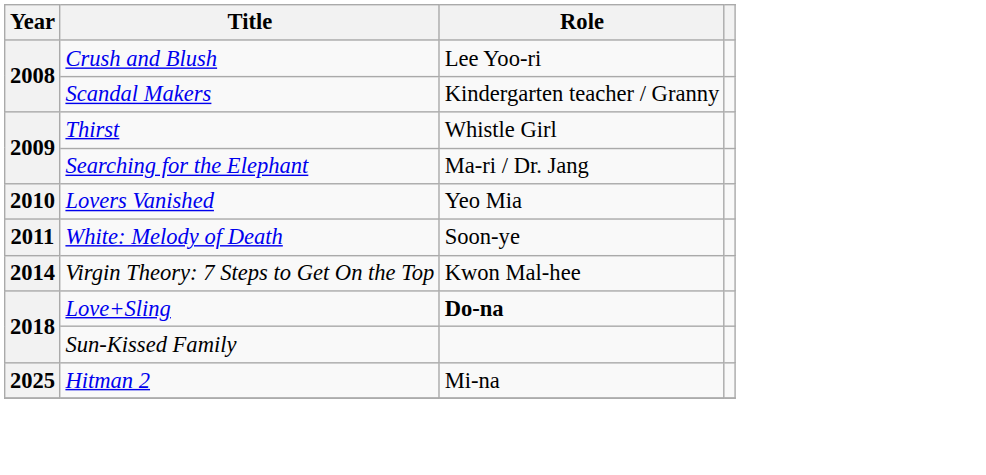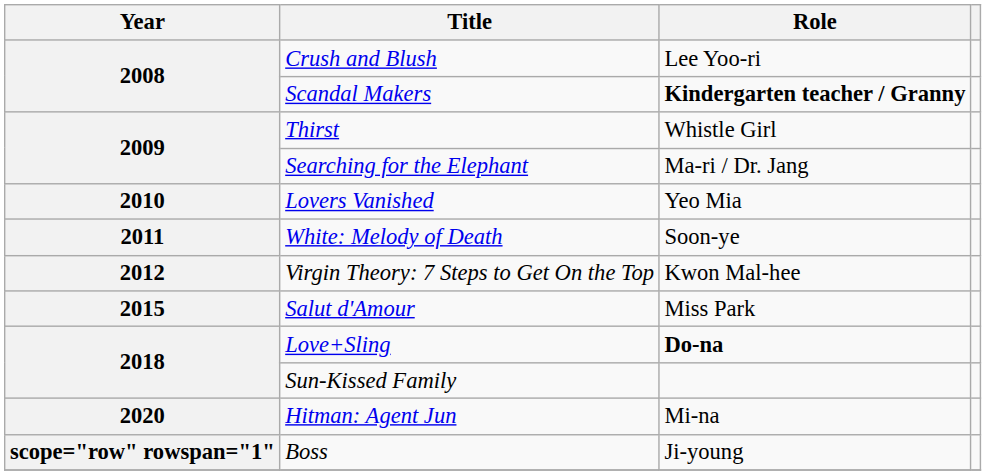 <table class="wikitable plainrowheaders sortable">
 <tr>
 <th scope="col">Year</th>
 <th scope="col">Title</th>
 <th scope="col">Role</th>
 <th scope="col" class="unsortable"></th>
 </tr>
 <tr>
 <th scope="row" rowspan="2">2008</th>
 <td><em><a href='#'>Crush and Blush</a></em></td>
 <td>Lee Yoo-ri</td>
 <td></td>
 </tr>
 <tr>
 <td><em><a href='#'>Scandal Makers</a></em></td>
-<td>Kindergarten teacher / Granny</td>
+<td><strong>Kindergarten teacher / Granny</strong></td>
 <td></td>
 </tr>
 <tr>
 <th scope="row" rowspan="2">2009</th>
 <td><em><a href='#'>Thirst</a></em></td>
 <td>Whistle Girl</td>
 <td></td>
 </tr>
 <tr>
 <td><em><a href='#'>Searching for the Elephant</a></em></td>
 <td>Ma-ri / Dr. Jang</td>
 <td></td>
 </tr>
 <tr>
 <th scope="row">2010</th>
 <td><em><a href='#'>Lovers Vanished</a></em></td>
 <td>Yeo Mia</td>
 <td></td>
 </tr>
 <tr>
 <th scope="row">2011</th>
 <td><em><a href='#'>White: Melody of Death</a></em></td>
 <td>Soon-ye</td>
 <td></td>
 </tr>
 <tr>
-<th scope="row">2014</th>
+<th scope="row">2012</th>
 <td><em>Virgin Theory: 7 Steps to Get On the Top</em></td>
 <td>Kwon Mal-hee</td>
+<td></td>
+</tr>
+<tr>
+<th scope="row">2015</th>
+<td><em><a href='#'>Salut d'Amour</a></em></td>
+<td>Miss Park</td>
 <td></td>
 </tr>
 <tr>
 <th scope="row" rowspan="2">2018</th>
 <td><em><a href='#'>Love+Sling</a></em></td>
 <td><strong>Do-na</strong></td>
 <td></td>
 </tr>
 <tr>
 <td><em>Sun-Kissed Family</em></td>
 <td></td>
 <td></td>
 </tr>
 <tr>
-<th scope="row">2025</th>
-<td><em><a href='#'>Hitman 2</a></em></td>
+<th scope="row">2020</th>
+<td><em><a href='#'>Hitman: Agent Jun</a></em></td>
 <td>Mi-na</td>
+<td></td>
+</tr>
+<tr>
+<th>scope="row" rowspan="1" </th>
+<td><em>Boss</em></td>
+<td>Ji-young</td>
 <td style="text-align:center"></td>
 </tr>
 <tr>
 </tr>
 </table>
